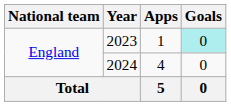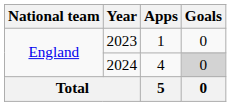 <table class="wikitable" style="text-align: center;">
 <tr>
 <th>National team</th>
 <th>Year</th>
 <th>Apps</th>
 <th>Goals</th>
 </tr>
 <tr>
 <td rowspan="2"><a href='#'>England</a></td>
 <td>2023</td>
 <td>1</td>
-<td style="background: paleturquoise;">0</td>
+<td>0</td>
 </tr>
 <tr>
 <td>2024</td>
 <td>4</td>
-<td>0</td>
+<td style="background: lightgrey;">0</td>
 </tr>
 <tr>
 <th colspan="2">Total</th>
 <th>5</th>
 <th>0</th>
 </tr>
 </table>
